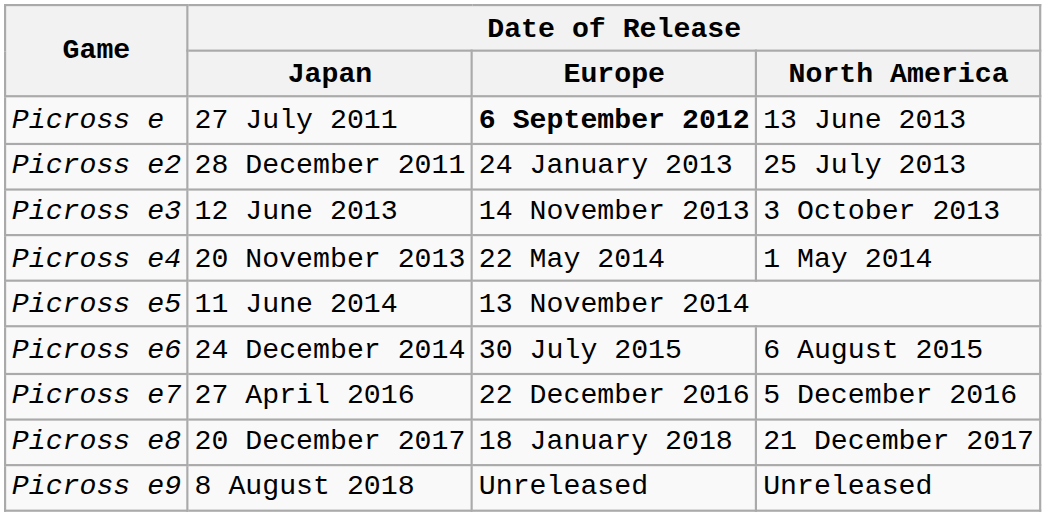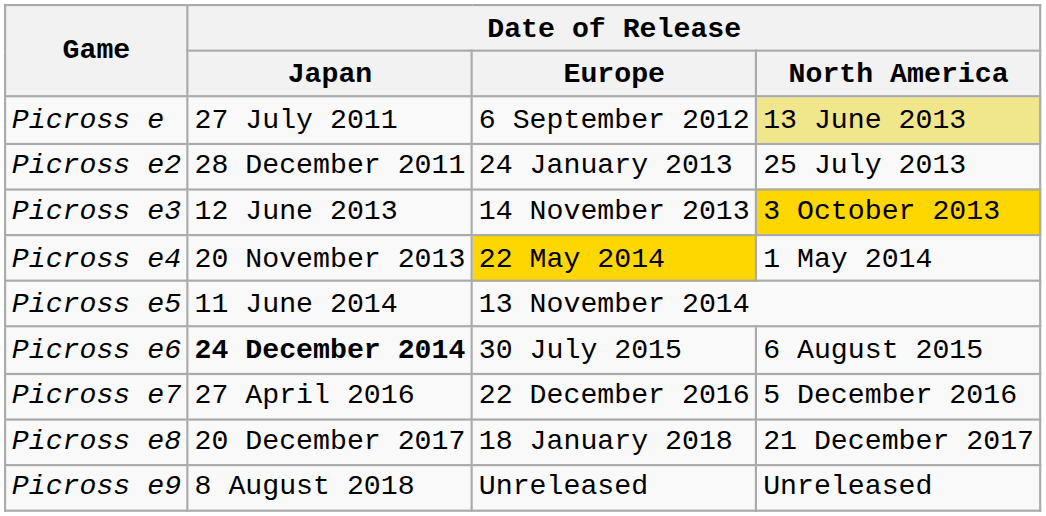 <table class="wikitable">
 <tr>
 <th rowspan="2">Game</th>
 <th colspan="3">Date of Release</th>
 </tr>
 <tr>
 <th>Japan</th>
 <th>Europe</th>
 <th>North America</th>
 </tr>
 <tr>
 <td><em>Picross e</em></td>
 <td>27 July 2011</td>
-<td><strong>6 September 2012</strong></td>
-<td>13 June 2013</td>
+<td>6 September 2012</td>
+<td style="background: khaki;">13 June 2013</td>
 </tr>
 <tr>
 <td><em>Picross e2</em></td>
 <td>28 December 2011</td>
 <td>24 January 2013</td>
 <td>25 July 2013</td>
 </tr>
 <tr>
 <td><em>Picross e3</em></td>
 <td>12 June 2013</td>
 <td>14 November 2013</td>
-<td>3 October 2013</td>
+<td style="background: gold;">3 October 2013</td>
 </tr>
 <tr>
 <td><em>Picross e4</em></td>
 <td>20 November 2013</td>
-<td>22 May 2014</td>
+<td style="background: gold;">22 May 2014</td>
 <td>1 May 2014</td>
 </tr>
 <tr>
 <td><em>Picross e5</em></td>
 <td>11 June 2014</td>
 <td colspan="2">13 November 2014</td>
 </tr>
 <tr>
 <td><em>Picross e6</em></td>
-<td>24 December 2014</td>
+<td><strong>24 December 2014</strong></td>
 <td>30 July 2015</td>
 <td>6 August 2015</td>
 </tr>
 <tr>
 <td><em>Picross e7</em></td>
 <td>27 April 2016</td>
 <td>22 December 2016</td>
 <td>5 December 2016</td>
 </tr>
 <tr>
 <td><em>Picross e8</em></td>
 <td>20 December 2017</td>
 <td>18 January 2018</td>
 <td>21 December 2017</td>
 </tr>
 <tr>
 <td><em>Picross e9</em></td>
 <td>8 August 2018</td>
 <td>Unreleased</td>
 <td>Unreleased</td>
 </tr>
 </table>
